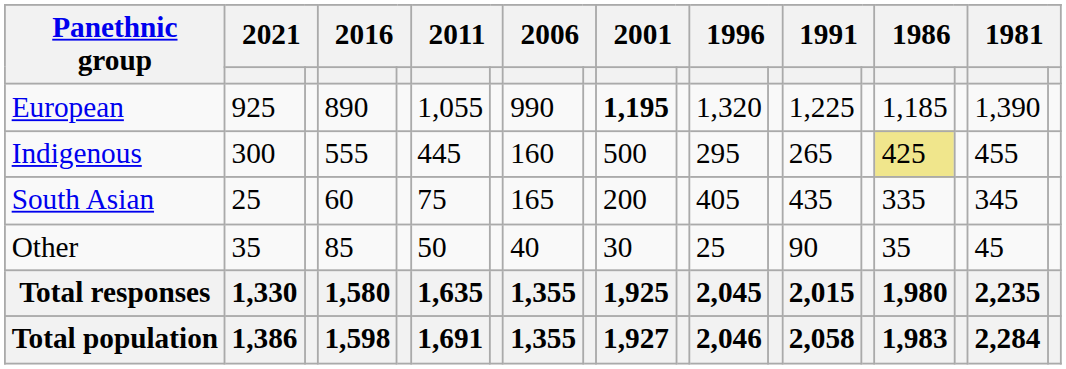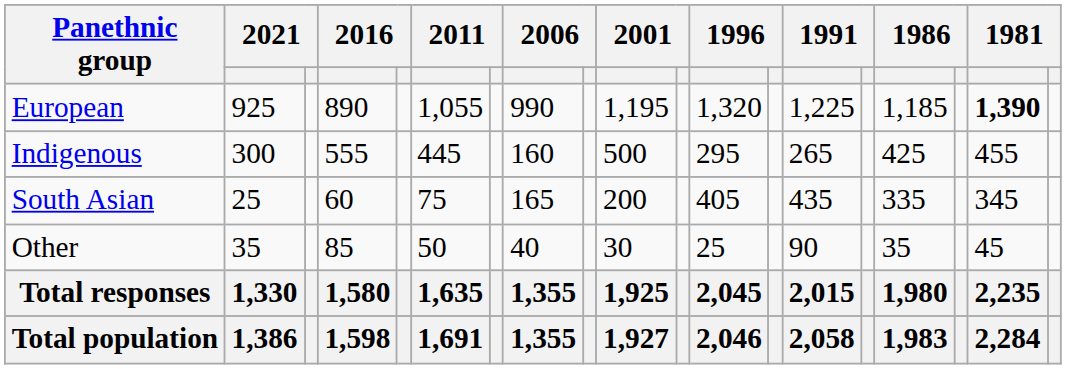 <table class="wikitable collapsible sortable">
 <tr>
 <th rowspan="2"><a href='#'>Panethnic</a><br>group</th>
 <th colspan="2">2021</th>
 <th colspan="2">2016</th>
 <th colspan="2">2011</th>
 <th colspan="2">2006</th>
 <th colspan="2">2001</th>
 <th colspan="2">1996</th>
 <th colspan="2">1991</th>
 <th colspan="2">1986</th>
 <th colspan="2">1981</th>
 </tr>
 <tr>
 <th><a href='#'></a></th>
 <th></th>
 <th></th>
 <th></th>
 <th></th>
 <th></th>
 <th></th>
 <th></th>
 <th></th>
 <th></th>
 <th></th>
 <th></th>
 <th></th>
 <th></th>
 <th></th>
 <th></th>
 <th></th>
 <th></th>
 </tr>
 <tr>
 <td><a href='#'>European</a></td>
 <td>925</td>
 <td></td>
 <td>890</td>
 <td></td>
 <td>1,055</td>
 <td></td>
 <td>990</td>
 <td></td>
-<td><strong>1,195</strong></td>
+<td>1,195</td>
 <td></td>
 <td>1,320</td>
 <td></td>
 <td>1,225</td>
 <td></td>
 <td>1,185</td>
 <td></td>
-<td>1,390</td>
+<td><strong>1,390</strong></td>
 <td></td>
 </tr>
 <tr>
 <td><a href='#'>Indigenous</a></td>
 <td>300</td>
 <td></td>
 <td>555</td>
 <td></td>
 <td>445</td>
 <td></td>
 <td>160</td>
 <td></td>
 <td>500</td>
 <td></td>
 <td>295</td>
 <td></td>
 <td>265</td>
 <td></td>
-<td style="background: khaki;">425</td>
+<td>425</td>
 <td></td>
 <td>455</td>
 <td></td>
 </tr>
 <tr>
 <td><a href='#'>South Asian</a></td>
 <td>25</td>
 <td></td>
 <td>60</td>
 <td></td>
 <td>75</td>
 <td></td>
 <td>165</td>
 <td></td>
 <td>200</td>
 <td></td>
 <td>405</td>
 <td></td>
 <td>435</td>
 <td></td>
 <td>335</td>
 <td></td>
 <td>345</td>
 <td></td>
 </tr>
 <tr>
 <td>Other</td>
 <td>35</td>
 <td></td>
 <td>85</td>
 <td></td>
 <td>50</td>
 <td></td>
 <td>40</td>
 <td></td>
 <td>30</td>
 <td></td>
 <td>25</td>
 <td></td>
 <td>90</td>
 <td></td>
 <td>35</td>
 <td></td>
 <td>45</td>
 <td></td>
 </tr>
 <tr>
 <th>Total responses</th>
 <th>1,330</th>
 <th></th>
 <th>1,580</th>
 <th></th>
 <th>1,635</th>
 <th></th>
 <th>1,355</th>
 <th></th>
 <th>1,925</th>
 <th></th>
 <th>2,045</th>
 <th></th>
 <th>2,015</th>
 <th></th>
 <th>1,980</th>
 <th></th>
 <th>2,235</th>
 <th></th>
 </tr>
 <tr>
 <th>Total population</th>
 <th>1,386</th>
 <th></th>
 <th>1,598</th>
 <th></th>
 <th>1,691</th>
 <th></th>
 <th>1,355</th>
 <th></th>
 <th>1,927</th>
 <th></th>
 <th>2,046</th>
 <th></th>
 <th>2,058</th>
 <th></th>
 <th>1,983</th>
 <th></th>
 <th>2,284</th>
 <th></th>
 </tr>
 </table>
